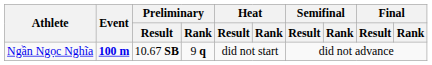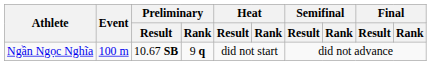 <table class="wikitable">
 <tr>
 <th rowspan="2">Athlete</th>
 <th rowspan="2">Event</th>
 <th colspan="2">Preliminary</th>
 <th colspan="2">Heat</th>
 <th colspan="2">Semifinal</th>
 <th colspan="2">Final</th>
 </tr>
 <tr>
 <th>Result</th>
 <th>Rank</th>
 <th>Result</th>
 <th>Rank</th>
 <th>Result</th>
 <th>Rank</th>
 <th>Result</th>
 <th>Rank</th>
 </tr>
 <tr style=text-align:center>
 <td style=text-align:left><a href='#'>Ngần Ngọc Nghĩa</a></td>
-<td style=text-align:left><strong><a href='#'>100 m</a></strong></td>
+<td style=text-align:left><a href='#'>100 m</a></td>
 <td>10.67 <strong>SB</strong></td>
 <td>9 <strong>q</strong></td>
 <td colspan=2>did not start</td>
 <td colspan=4>did not advance</td>
 </tr>
 </table>
